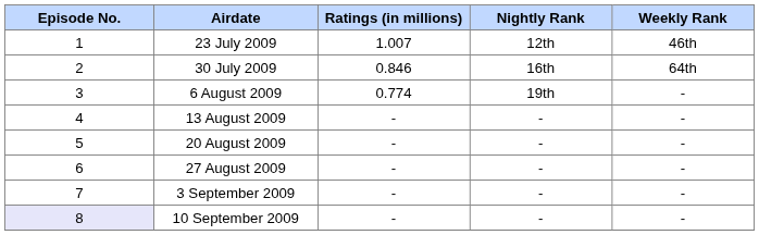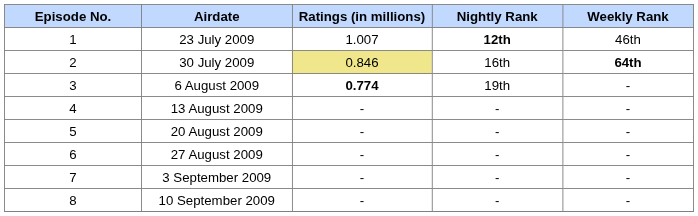 <table border="1" cellpadding="4" cellspacing="0" style="text-align:center; font-size:90%; border-collapse:collapse;" width=750>
 <tr style="background:#C1D8FF;">
 <th width=1%>Episode No.</th>
 <th width=1%>Airdate</th>
 <th width=1%>Ratings (in millions)</th>
 <th width=1%>Nightly Rank</th>
 <th width=1%>Weekly Rank</th>
 </tr>
 <tr>
 <td>1</td>
 <td>23 July 2009</td>
 <td>1.007</td>
-<td>12th</td>
+<td><strong>12th</strong></td>
 <td>46th</td>
 </tr>
 <tr>
 <td>2</td>
 <td>30 July 2009</td>
-<td>0.846</td>
+<td style="background: khaki;">0.846</td>
 <td>16th</td>
-<td>64th</td>
+<td><strong>64th</strong></td>
 </tr>
 <tr>
 <td>3</td>
 <td>6 August 2009</td>
-<td>0.774</td>
+<td><strong>0.774</strong></td>
 <td>19th</td>
 <td>-</td>
 </tr>
 <tr>
 <td>4</td>
 <td>13 August 2009</td>
 <td>-</td>
 <td>-</td>
 <td>-</td>
 </tr>
 <tr>
 <td>5</td>
 <td>20 August 2009</td>
 <td>-</td>
 <td>-</td>
 <td>-</td>
 </tr>
 <tr>
 <td>6</td>
 <td>27 August 2009</td>
 <td>-</td>
 <td>-</td>
 <td>-</td>
 </tr>
 <tr>
 <td>7</td>
 <td>3 September 2009</td>
 <td>-</td>
 <td>-</td>
 <td>-</td>
 </tr>
 <tr>
-<td style="background: lavender;">8</td>
+<td>8</td>
 <td>10 September 2009</td>
 <td>-</td>
 <td>-</td>
 <td>-</td>
 </tr>
 <tr>
 </tr>
 </table>
